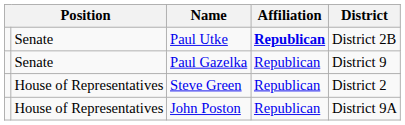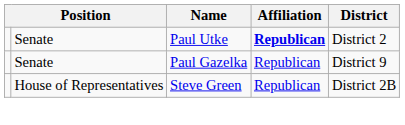 <table class="wikitable">
 <tr>
 <th colspan="2">Position</th>
 <th>Name</th>
 <th>Affiliation</th>
 <th>District</th>
 </tr>
 <tr>
 <td style="background-color:"></td>
 <td>Senate</td>
 <td><a href='#'>Paul Utke</a></td>
 <td><strong><a href='#'>Republican</a></strong></td>
-<td>District 2B</td>
+<td>District 2</td>
 </tr>
 <tr>
 <td style="background-color:"></td>
 <td>Senate</td>
 <td><a href='#'>Paul Gazelka</a></td>
 <td><a href='#'>Republican</a></td>
 <td>District 9</td>
 </tr>
 <tr>
 <td style="background-color:"></td>
 <td>House of Representatives</td>
 <td><a href='#'>Steve Green</a></td>
 <td><a href='#'>Republican</a></td>
-<td>District 2</td>
-</tr>
-<tr>
-<td style="background-color:"></td>
-<td>House of Representatives</td>
-<td><a href='#'>John Poston</a></td>
-<td><a href='#'>Republican</a></td>
-<td>District 9A</td>
+<td>District 2B</td>
 </tr>
 </table>
